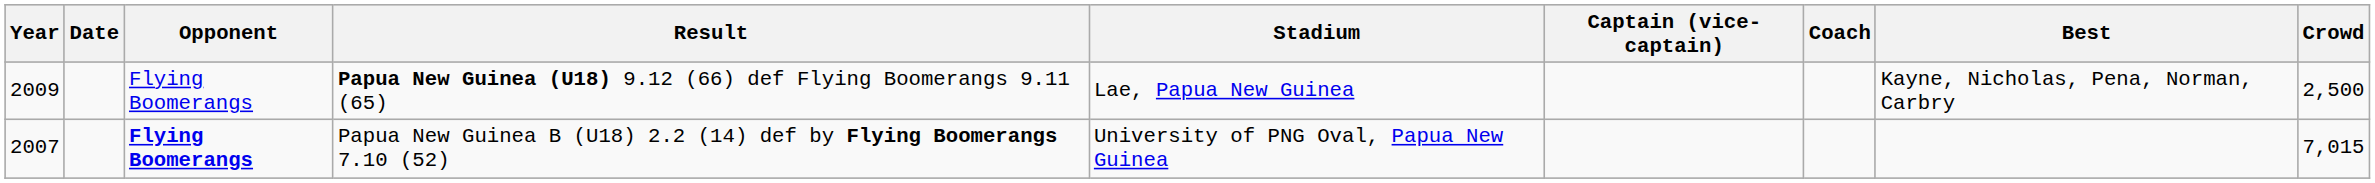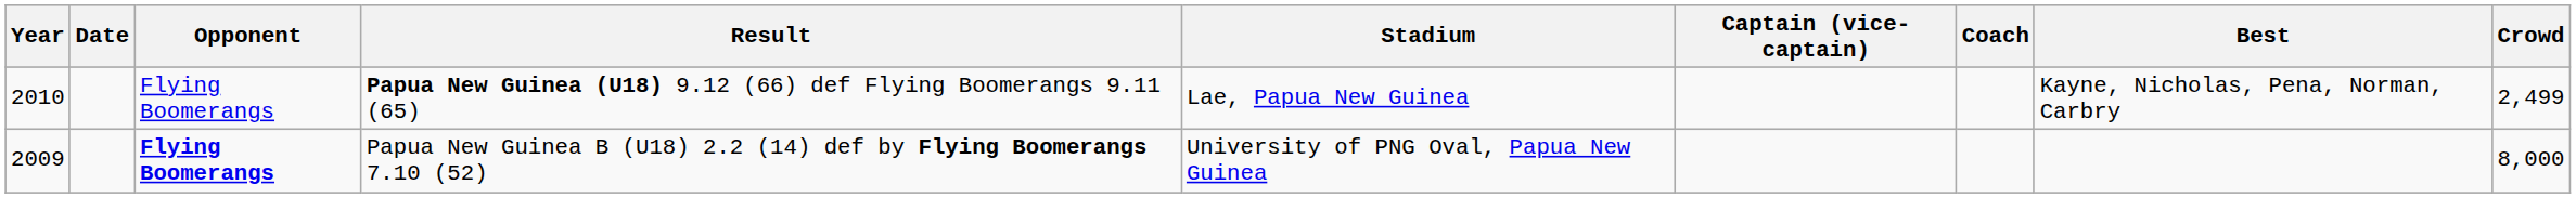 <table class="wikitable sortable" style="width: 75%; margin: 0 auto 0 auto;">
 <tr>
 <th>Year</th>
 <th>Date</th>
 <th>Opponent</th>
 <th>Result</th>
 <th>Stadium</th>
 <th>Captain (vice-captain)</th>
 <th>Coach</th>
 <th>Best</th>
 <th>Crowd</th>
 </tr>
 <tr>
-<td>2009</td>
+<td>2010</td>
 <td></td>
 <td><a href='#'>Flying Boomerangs</a></td>
 <td><strong>Papua New Guinea (U18)</strong>  9.12 (66) def Flying Boomerangs 9.11 (65)</td>
 <td>Lae, <a href='#'>Papua New Guinea</a></td>
 <td></td>
 <td></td>
 <td>Kayne, Nicholas, Pena, Norman, Carbry</td>
-<td>2,500</td>
+<td>2,499</td>
 </tr>
 <tr>
-<td>2007</td>
+<td>2009</td>
 <td></td>
 <td><strong><a href='#'>Flying Boomerangs</a></strong></td>
 <td>Papua New Guinea B (U18) 2.2 (14) def by <strong>Flying Boomerangs</strong> 7.10 (52)</td>
 <td>University of PNG Oval, <a href='#'>Papua New Guinea</a></td>
 <td></td>
 <td></td>
 <td></td>
-<td>7,015</td>
+<td>8,000</td>
 </tr>
 </table>
